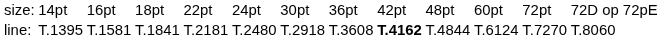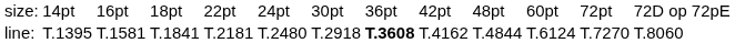 <table style="margin-left:40px;">
 <tr>
 <td>size:</td>
 <td>14pt</td>
 <td>16pt</td>
 <td>18pt</td>
 <td>22pt</td>
 <td>24pt</td>
 <td>30pt</td>
 <td>36pt</td>
 <td>42pt</td>
 <td>48pt</td>
 <td>60pt</td>
 <td>72pt</td>
 <td>72D op 72pE</td>
 </tr>
 <tr>
 <td>line:</td>
 <td>T.1395</td>
 <td>T.1581</td>
 <td>T.1841</td>
 <td>T.2181</td>
 <td>T.2480</td>
 <td>T.2918</td>
-<td>T.3608</td>
-<td><strong>T.4162</strong></td>
+<td><strong>T.3608</strong></td>
+<td>T.4162</td>
 <td>T.4844</td>
 <td>T.6124</td>
 <td>T.7270</td>
 <td>T.8060</td>
 </tr>
 </table>
